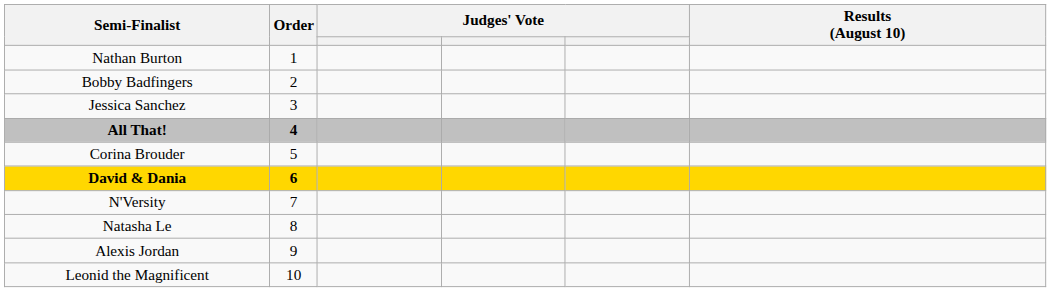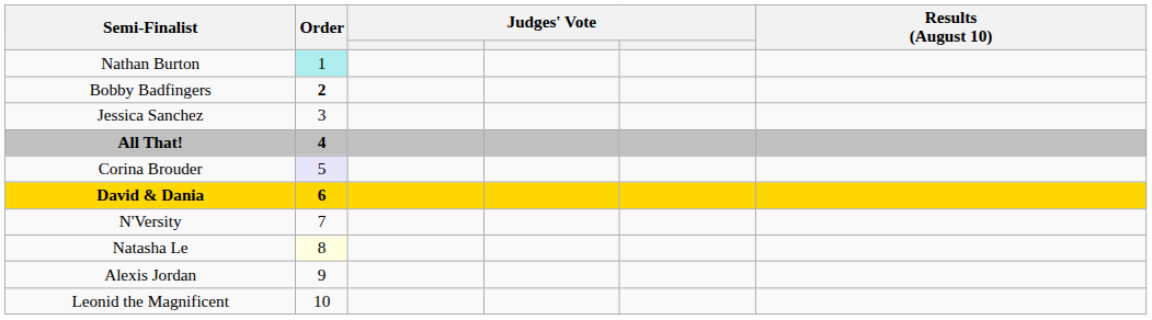 <table class="wikitable plainrowheaders sortable" style="text-align:center;">
 <tr>
 <th scope="col" rowspan="2" class="unsortable" style="width:17em;">Semi-Finalist</th>
 <th scope="col" rowspan="2" style="width:1em;">Order</th>
 <th scope="col" colspan="3" class="unsortable" style="width:24em;">Judges' Vote</th>
 <th scope="col" rowspan="2" style="width:23em;">Results <br> (August 10)</th>
 </tr>
 <tr>
 <th scope="col" class="unsortable" style="width:6em;"></th>
 <th scope="col" class="unsortable" style="width:6em;"></th>
 <th scope="col" class="unsortable" style="width:6em;"></th>
 </tr>
 <tr>
 <td>Nathan Burton</td>
-<td>1</td>
+<td style="background: paleturquoise;">1</td>
 <td style="text-align:center;"></td>
 <td style="text-align:center;"></td>
 <td style="text-align:center;"></td>
 <td></td>
 </tr>
 <tr>
 <td>Bobby Badfingers</td>
-<td>2</td>
+<td><strong>2</strong></td>
 <td style="text-align:center;"></td>
 <td style="text-align:center;"></td>
 <td style="text-align:center;"></td>
 <td></td>
 </tr>
 <tr>
 <td>Jessica Sanchez</td>
 <td>3</td>
 <td style="text-align:center;"></td>
 <td style="text-align:center;"></td>
 <td style="text-align:center;"></td>
 <td></td>
 </tr>
 <tr style="background:silver;">
 <td><strong>All That!</strong></td>
 <td><strong>4</strong></td>
 <td style="text-align:center;"></td>
 <td style="text-align:center;"></td>
 <td style="text-align:center;"></td>
 <td><strong></strong></td>
 </tr>
 <tr>
 <td>Corina Brouder</td>
-<td>5</td>
+<td style="background: lavender;">5</td>
 <td style="text-align:center;"></td>
 <td style="text-align:center;"></td>
 <td style="text-align:center;"></td>
 <td></td>
 </tr>
 <tr style="background:gold;">
 <td><strong>David & Dania</strong></td>
 <td><strong>6</strong></td>
 <td style="text-align:center;"></td>
 <td style="text-align:center;"></td>
 <td style="text-align:center;"></td>
 <td><strong></strong></td>
 </tr>
 <tr>
 <td>N'Versity</td>
 <td>7</td>
 <td style="text-align:center;"></td>
 <td style="text-align:center;"></td>
 <td style="text-align:center;"></td>
 <td></td>
 </tr>
 <tr>
 <td>Natasha Le</td>
-<td>8</td>
+<td style="background: lightyellow;">8</td>
 <td style="text-align:center;"></td>
 <td style="text-align:center;"></td>
 <td style="text-align:center;"></td>
 <td></td>
 </tr>
 <tr>
 <td>Alexis Jordan</td>
 <td>9</td>
 <td style="text-align:center;"></td>
 <td style="text-align:center;"></td>
 <td style="text-align:center;"></td>
 <td></td>
 </tr>
 <tr>
 <td>Leonid the Magnificent</td>
 <td>10</td>
 <td style="text-align:center;"></td>
 <td style="text-align:center;"></td>
 <td style="text-align:center;"></td>
 <td></td>
 </tr>
 </table>
